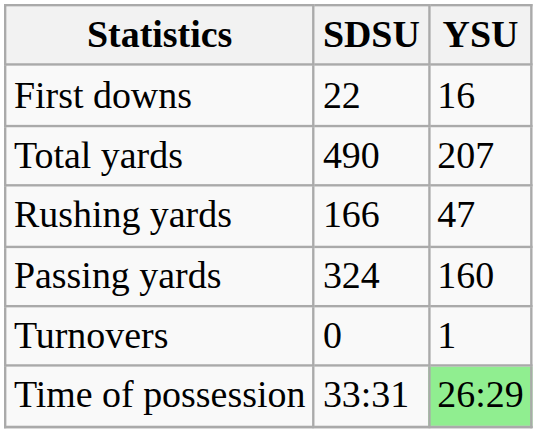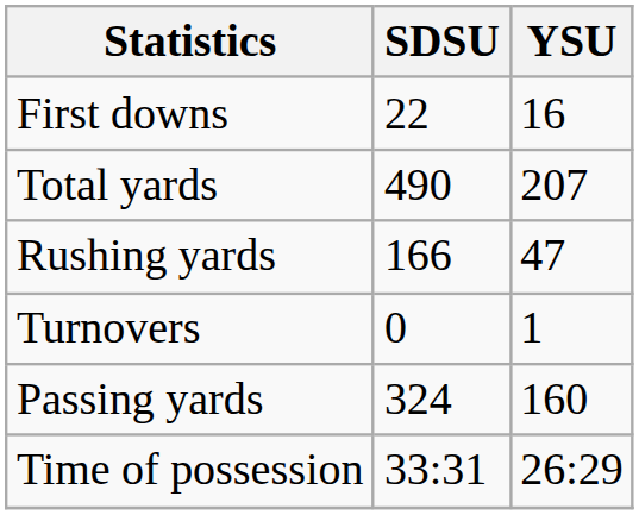 <table class="wikitable">
 <tr>
 <th>Statistics</th>
 <th>SDSU</th>
 <th>YSU</th>
 </tr>
 <tr>
 <td>First downs</td>
 <td>22</td>
 <td>16</td>
 </tr>
 <tr>
 <td>Total yards</td>
 <td>490</td>
 <td>207</td>
 </tr>
 <tr>
 <td>Rushing yards</td>
 <td>166</td>
 <td>47</td>
 </tr>
 <tr>
+<td>Turnovers</td>
+<td>0</td>
+<td>1</td>
+</tr>
+<tr>
 <td>Passing yards</td>
 <td>324</td>
 <td>160</td>
 </tr>
 <tr>
-<td>Turnovers</td>
-<td>0</td>
-<td>1</td>
-</tr>
-<tr>
 <td>Time of possession</td>
 <td>33:31</td>
-<td style="background: lightgreen;">26:29</td>
+<td>26:29</td>
 </tr>
 <tr>
 </tr>
 </table>
